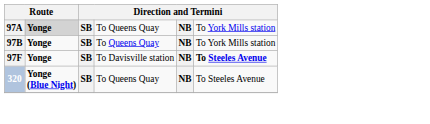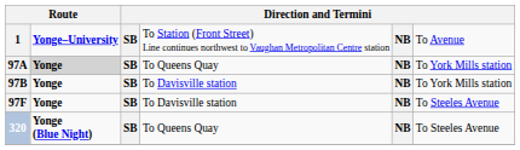 <table class=wikitable style="font-size: 90%;" |>
 <tr>
 <th colspan=2>Route</th>
 <th colspan=4>Direction and Termini</th>
+</tr>
+<tr>
+<th style="background:#">1</th>
+<td><strong><a href='#'>Yonge–University</a></strong></td>
+<th>SB</th>
+<td>To  <a href='#'>Station</a> (<a href='#'>Front Street</a>) <br> <small>Line continues northwest to <a href='#'>Vaughan Metropolitan Centre</a> station </small></td>
+<th>NB</th>
+<td>To  <a href='#'>Avenue</a></td>
 </tr>
 <tr>
 <th style="background:#">97A</th>
 <td style="background: lightgrey;"><strong>Yonge</strong></td>
 <th>SB</th>
 <td>To Queens Quay</td>
 <th>NB</th>
 <td>To <a href='#'>York Mills station</a></td>
 </tr>
 <tr>
 <th style="background:#">97B</th>
 <td><strong>Yonge</strong></td>
 <th>SB</th>
-<td>To <a href='#'>Queens Quay</a></td>
+<td>To <a href='#'>Davisville station</a></td>
 <th>NB</th>
 <td>To York Mills station</td>
 </tr>
 <tr>
 <th style="background:#">97F</th>
 <td><strong>Yonge</strong></td>
 <th>SB</th>
 <td>To Davisville station</td>
 <th>NB</th>
-<td><strong>To <a href='#'>Steeles Avenue</a></strong></td>
+<td>To <a href='#'>Steeles Avenue</a></td>
 </tr>
 <tr>
 <th style="background:lightsteelblue; color:white;text-align:center;vertical-align:center;">320</th>
 <td><strong>Yonge<br>(<a href='#'>Blue Night</a>)</strong></td>
 <th>SB</th>
 <td>To Queens Quay</td>
 <th>NB</th>
 <td>To Steeles Avenue</td>
 </tr>
 <tr>
 </tr>
 </table>
